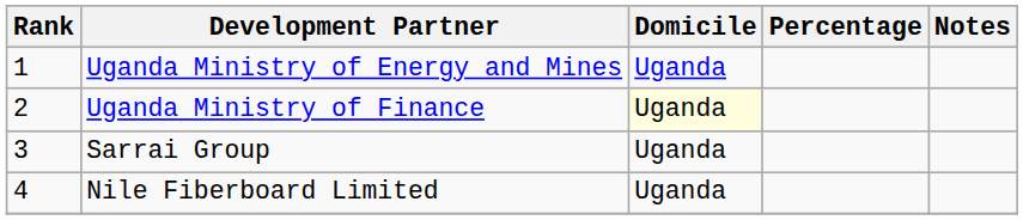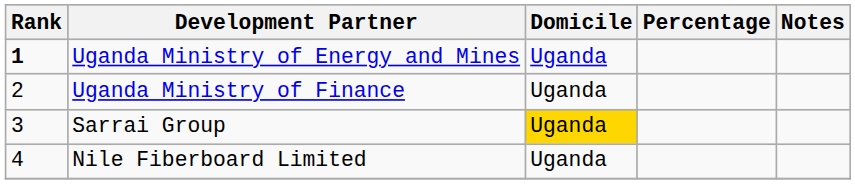 <table class="wikitable sortable" style="margin: 0.5em auto">
 <tr>
 <th>Rank</th>
 <th>Development Partner</th>
 <th>Domicile</th>
 <th>Percentage</th>
 <th>Notes</th>
 </tr>
 <tr>
-<td>1</td>
+<td><strong>1</strong></td>
 <td><a href='#'>Uganda Ministry of Energy and Mines</a></td>
 <td><a href='#'>Uganda</a></td>
 <td></td>
 <td></td>
 </tr>
 <tr>
 <td>2</td>
 <td><a href='#'>Uganda Ministry of Finance</a></td>
-<td style="background: lightyellow;">Uganda</td>
+<td>Uganda</td>
 <td></td>
 <td></td>
 </tr>
 <tr>
 <td>3</td>
 <td>Sarrai Group</td>
-<td>Uganda</td>
+<td style="background: gold;">Uganda</td>
 <td></td>
 <td></td>
 </tr>
 <tr>
 <td>4</td>
 <td>Nile Fiberboard Limited</td>
 <td>Uganda</td>
 <td></td>
 <td></td>
 </tr>
 <tr>
 </tr>
 </table>
